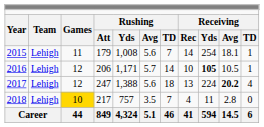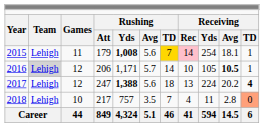 <table class="wikitable" style="text-align:center;">
 <tr>
 <td ! colspan="11" style="background:gray; border:2px solid silver; color:white;"></td>
 </tr>
 <tr>
 <td ! colspan="11"></td>
 </tr>
 <tr>
 <th rowspan=2>Year</th>
 <th rowspan=2>Team</th>
 <th rowspan=2>Games</th>
 <th colspan=4>Rushing</th>
 <th colspan=4>Receiving</th>
 </tr>
 <tr>
 <th>Att</th>
 <th>Yds</th>
 <th>Avg</th>
 <th>TD</th>
 <th>Rec</th>
 <th>Yds</th>
 <th>Avg</th>
 <th>TD</th>
 </tr>
 <tr>
 <td><a href='#'>2015</a></td>
 <td><a href='#'>Lehigh</a></td>
 <td>11</td>
 <td>179</td>
-<td>1,008</td>
+<td><strong>1,008</strong></td>
 <td>5.6</td>
-<td>7</td>
-<td>14</td>
+<td style="background: gold;">7</td>
+<td style="background: pink;">14</td>
 <td>254</td>
 <td>18.1</td>
 <td>1</td>
 </tr>
 <tr>
 <td><a href='#'>2016</a></td>
-<td><a href='#'>Lehigh</a></td>
+<td style="background: lightgrey;"><a href='#'>Lehigh</a></td>
 <td>12</td>
 <td>206</td>
 <td>1,171</td>
 <td>5.7</td>
 <td>14</td>
 <td>10</td>
-<td><strong>105</strong></td>
-<td>10.5</td>
+<td>105</td>
+<td><strong>10.5</strong></td>
 <td>1</td>
 </tr>
 <tr>
 <td><a href='#'>2017</a></td>
 <td><a href='#'>Lehigh</a></td>
 <td>12</td>
 <td>247</td>
-<td>1,388</td>
+<td><strong>1,388</strong></td>
 <td>5.6</td>
 <td>18</td>
 <td>13</td>
 <td>224</td>
-<td><strong>20.2</strong></td>
-<td>4</td>
+<td>20.2</td>
+<td><strong>4</strong></td>
 </tr>
 <tr>
 <td><a href='#'>2018</a></td>
 <td><a href='#'>Lehigh</a></td>
-<td style="background: gold;">10</td>
+<td>10</td>
 <td>217</td>
 <td>757</td>
 <td>3.5</td>
 <td>7</td>
 <td>4</td>
 <td>11</td>
 <td>2.8</td>
-<td>0</td>
+<td style="background: lightsalmon;">0</td>
 </tr>
 <tr>
 <th colspan=2>Career</th>
 <th>44</th>
 <th>849</th>
 <th>4,324</th>
 <th>5.1</th>
 <th>46</th>
 <th>41</th>
 <th>594</th>
 <th>14.5</th>
 <th>6</th>
 </tr>
 </table>
